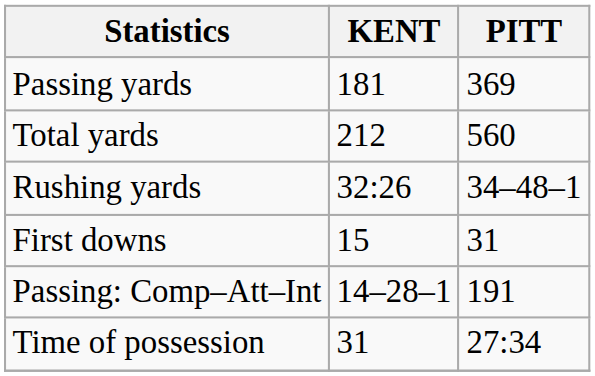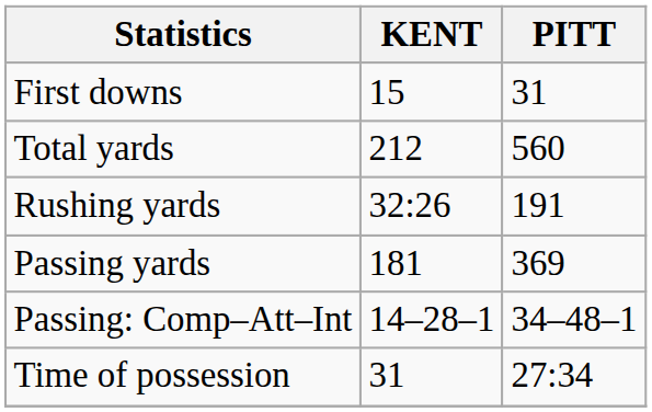 <table class="wikitable" style="float: left;">
 <tr>
 <th>Statistics</th>
 <th>KENT</th>
 <th>PITT</th>
 </tr>
 <tr>
-<td>Passing yards</td>
-<td>181</td>
-<td>369</td>
+<td>First downs</td>
+<td>15</td>
+<td>31</td>
 </tr>
 <tr>
 <td>Total yards</td>
 <td>212</td>
 <td>560</td>
 </tr>
 <tr>
 <td>Rushing yards</td>
 <td>32:26</td>
-<td>34–48–1</td>
+<td>191</td>
 </tr>
 <tr>
-<td>First downs</td>
-<td>15</td>
-<td>31</td>
+<td>Passing yards</td>
+<td>181</td>
+<td>369</td>
 </tr>
 <tr>
 <td>Passing: Comp–Att–Int</td>
 <td>14–28–1</td>
-<td>191</td>
+<td>34–48–1</td>
 </tr>
 <tr>
 <td>Time of possession</td>
 <td>31</td>
 <td>27:34</td>
 </tr>
 <tr>
 </tr>
 </table>
